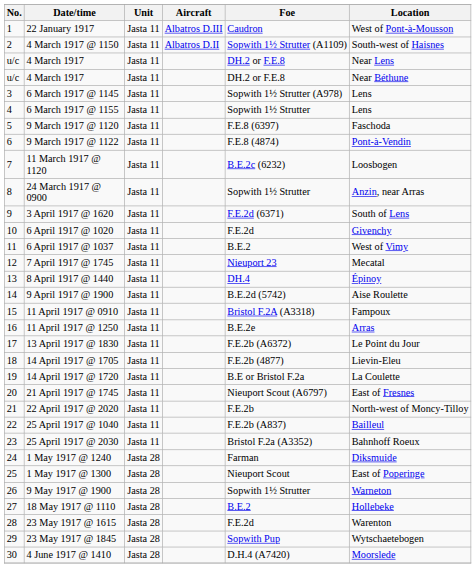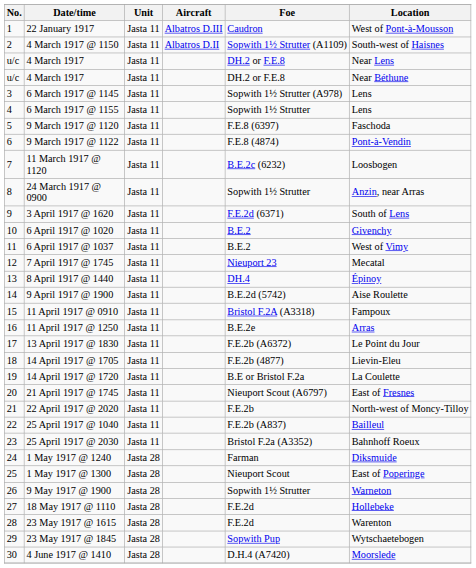 <table class="wikitable">
 <tr>
 </tr>
 <tr>
 <th>No.</th>
 <th width="150">Date/time</th>
 <th>Unit</th>
 <th>Aircraft</th>
 <th>Foe</th>
 <th>Location</th>
 </tr>
 <tr>
 <td>1</td>
 <td>22 January 1917</td>
 <td>Jasta 11</td>
 <td><a href='#'>Albatros D.III</a></td>
 <td><a href='#'>Caudron</a></td>
 <td>West of <a href='#'>Pont-à-Mousson</a></td>
 </tr>
 <tr>
 <td>2</td>
 <td>4 March 1917 @ 1150</td>
 <td>Jasta 11</td>
 <td><a href='#'>Albatros D.II</a></td>
 <td><a href='#'>Sopwith 1½ Strutter</a> (A1109)</td>
 <td>South-west of <a href='#'>Haisnes</a></td>
 </tr>
 <tr>
 <td>u/c</td>
 <td>4 March 1917</td>
 <td>Jasta 11</td>
 <td></td>
 <td><a href='#'>DH.2</a> or <a href='#'>F.E.8</a></td>
 <td>Near <a href='#'>Lens</a></td>
 </tr>
 <tr>
 <td>u/c</td>
 <td>4 March 1917</td>
 <td>Jasta 11</td>
 <td></td>
 <td>DH.2 or F.E.8</td>
 <td>Near <a href='#'>Béthune</a></td>
 </tr>
 <tr>
 <td>3</td>
 <td>6 March 1917 @ 1145</td>
 <td>Jasta 11</td>
 <td></td>
 <td>Sopwith 1½ Strutter (A978)</td>
 <td>Lens</td>
 </tr>
 <tr>
 <td>4</td>
 <td>6 March 1917 @ 1155</td>
 <td>Jasta 11</td>
 <td></td>
 <td>Sopwith 1½ Strutter</td>
 <td>Lens</td>
 </tr>
 <tr>
 <td>5</td>
 <td>9 March 1917 @ 1120</td>
 <td>Jasta 11</td>
 <td></td>
 <td>F.E.8 (6397)</td>
 <td>Faschoda</td>
 </tr>
 <tr>
 <td>6</td>
 <td>9 March 1917 @ 1122</td>
 <td>Jasta 11</td>
 <td></td>
 <td>F.E.8 (4874)</td>
 <td><a href='#'>Pont-à-Vendin</a></td>
 </tr>
 <tr>
 <td>7</td>
 <td>11 March 1917 @ 1120</td>
 <td>Jasta 11</td>
 <td></td>
 <td><a href='#'>B.E.2c</a> (6232)</td>
 <td>Loosbogen</td>
 </tr>
 <tr>
 <td>8</td>
 <td>24 March 1917 @ 0900</td>
 <td>Jasta 11</td>
 <td></td>
 <td>Sopwith 1½ Strutter</td>
 <td><a href='#'>Anzin</a>, near Arras</td>
 </tr>
 <tr>
 <td>9</td>
 <td>3 April 1917 @ 1620</td>
 <td>Jasta 11</td>
 <td></td>
 <td><a href='#'>F.E.2d</a> (6371)</td>
 <td>South of <a href='#'>Lens</a></td>
 </tr>
 <tr>
 <td>10</td>
 <td>6 April 1917 @ 1020</td>
 <td>Jasta 11</td>
 <td></td>
-<td>F.E.2d</td>
+<td><a href='#'>B.E.2</a></td>
 <td><a href='#'>Givenchy</a></td>
 </tr>
 <tr>
 <td>11</td>
 <td>6 April 1917 @ 1037</td>
 <td>Jasta 11</td>
 <td></td>
 <td>B.E.2</td>
 <td>West of <a href='#'>Vimy</a></td>
 </tr>
 <tr>
 <td>12</td>
 <td>7 April 1917 @ 1745</td>
 <td>Jasta 11</td>
 <td></td>
 <td><a href='#'>Nieuport 23</a></td>
 <td>Mecatal</td>
 </tr>
 <tr>
 <td>13</td>
 <td>8 April 1917 @ 1440</td>
 <td>Jasta 11</td>
 <td></td>
 <td><a href='#'>DH.4</a></td>
 <td><a href='#'>Épinoy</a></td>
 </tr>
 <tr>
 <td>14</td>
 <td>9 April 1917 @ 1900</td>
 <td>Jasta 11</td>
 <td></td>
 <td>B.E.2d (5742)</td>
 <td>Aise Roulette</td>
 </tr>
 <tr>
 <td>15</td>
 <td>11 April 1917 @ 0910</td>
 <td>Jasta 11</td>
 <td></td>
 <td><a href='#'>Bristol F.2A</a> (A3318)</td>
 <td>Fampoux</td>
 </tr>
 <tr>
 <td>16</td>
 <td>11 April 1917 @ 1250</td>
 <td>Jasta 11</td>
 <td></td>
 <td>B.E.2e</td>
 <td><a href='#'>Arras</a></td>
 </tr>
 <tr>
 <td>17</td>
 <td>13 April 1917 @ 1830</td>
 <td>Jasta 11</td>
 <td></td>
 <td>F.E.2b (A6372)</td>
 <td>Le Point du Jour</td>
 </tr>
 <tr>
 <td>18</td>
 <td>14 April 1917 @ 1705</td>
 <td>Jasta 11</td>
 <td></td>
 <td>F.E.2b (4877)</td>
 <td>Lievin-Eleu</td>
 </tr>
 <tr>
 <td>19</td>
 <td>14 April 1917 @ 1720</td>
 <td>Jasta 11</td>
 <td></td>
 <td>B.E or Bristol F.2a</td>
 <td>La Coulette</td>
 </tr>
 <tr>
 <td>20</td>
 <td>21 April 1917 @ 1745</td>
 <td>Jasta 11</td>
 <td></td>
 <td>Nieuport Scout (A6797)</td>
 <td>East of <a href='#'>Fresnes</a></td>
 </tr>
 <tr>
 <td>21</td>
 <td>22 April 1917 @ 2020</td>
 <td>Jasta 11</td>
 <td></td>
 <td>F.E.2b</td>
 <td>North-west of Moncy-Tilloy</td>
 </tr>
 <tr>
 <td>22</td>
 <td>25 April 1917 @ 1040</td>
 <td>Jasta 11</td>
 <td></td>
 <td>F.E.2b (A837)</td>
 <td><a href='#'>Bailleul</a></td>
 </tr>
 <tr>
 <td>23</td>
 <td>25 April 1917 @ 2030</td>
 <td>Jasta 11</td>
 <td></td>
 <td>Bristol F.2a (A3352)</td>
 <td>Bahnhoff Roeux</td>
 </tr>
 <tr>
 <td>24</td>
 <td>1 May 1917 @ 1240</td>
 <td>Jasta 28</td>
 <td></td>
 <td>Farman</td>
 <td><a href='#'>Diksmuide</a></td>
 </tr>
 <tr>
 <td>25</td>
 <td>1 May 1917 @ 1300</td>
 <td>Jasta 28</td>
 <td></td>
 <td>Nieuport Scout</td>
 <td>East of <a href='#'>Poperinge</a></td>
 </tr>
 <tr>
 <td>26</td>
 <td>9 May 1917 @ 1900</td>
 <td>Jasta 28</td>
 <td></td>
 <td>Sopwith 1½ Strutter</td>
 <td><a href='#'>Warneton</a></td>
 </tr>
 <tr>
 <td>27</td>
 <td>18 May 1917 @ 1110</td>
 <td>Jasta 28</td>
 <td></td>
-<td><a href='#'>B.E.2</a></td>
+<td>F.E.2d</td>
 <td><a href='#'>Hollebeke</a></td>
 </tr>
 <tr>
 <td>28</td>
 <td>23 May 1917 @ 1615</td>
 <td>Jasta 28</td>
 <td></td>
 <td>F.E.2d</td>
 <td>Warenton</td>
 </tr>
 <tr>
 <td>29</td>
 <td>23 May 1917 @ 1845</td>
 <td>Jasta 28</td>
 <td></td>
 <td><a href='#'>Sopwith Pup</a></td>
 <td>Wytschaetebogen</td>
 </tr>
 <tr>
 <td>30</td>
 <td>4 June 1917 @ 1410</td>
 <td>Jasta 28</td>
 <td></td>
 <td>D.H.4 (A7420)</td>
 <td><a href='#'>Moorslede</a></td>
 </tr>
 <tr>
 </tr>
 </table>
